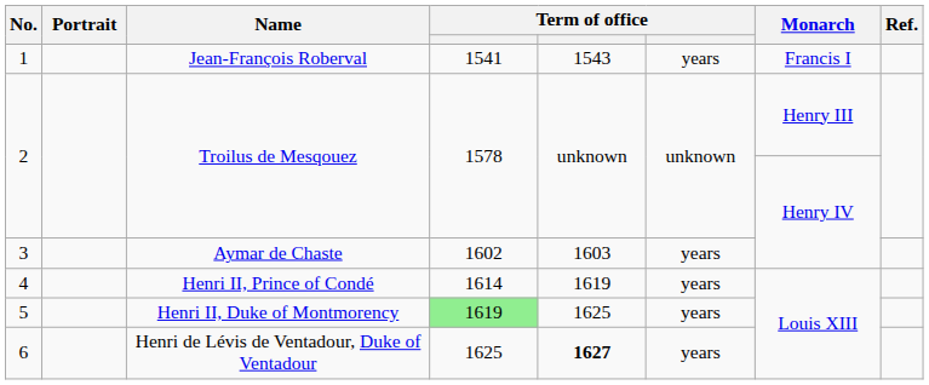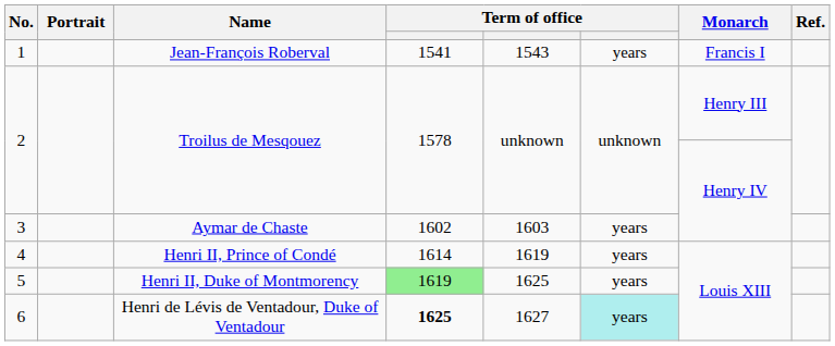 <table class="wikitable sortable sticky-header-multi" style="text-align:center; border:1px #aaf solid;">
 <tr>
 <th rowspan="2">No.</th>
 <th rowspan="2" width="65">Portrait</th>
 <th rowspan="2" width="250">Name<br></th>
 <th colspan="3">Term of office</th>
 <th rowspan="2" width="100"><a href='#'>Monarch</a><br></th>
 <th rowspan="2">Ref.</th>
 </tr>
 <tr>
 <th width="85"></th>
 <th width="85"></th>
 <th width="85"></th>
 </tr>
 <tr>
 <td>1</td>
 <td width="65"></td>
 <td><a href='#'>Jean-François Roberval</a><br></td>
 <td class="nowrap">1541</td>
 <td class="nowrap">1543</td>
 <td style="font-size:95%;"> years</td>
 <td><a href='#'>Francis I</a><br></td>
 <td></td>
 </tr>
 <tr style="height:70px;">
 <td rowspan="2">2</td>
 <td rowspan="2"></td>
 <td rowspan="2"><a href='#'>Troilus de Mesqouez</a><br></td>
 <td rowspan="2">1578</td>
 <td rowspan="2">unknown</td>
 <td rowspan="2">unknown</td>
 <td><a href='#'>Henry III</a><br></td>
 <td rowspan="2"></td>
 </tr>
 <tr style="height:70px;">
 <td rowspan="2"><a href='#'>Henry IV</a><br></td>
 </tr>
 <tr>
 <td>3</td>
 <td></td>
 <td><a href='#'>Aymar de Chaste</a><br></td>
 <td>1602</td>
 <td>1603</td>
 <td> years</td>
 <td></td>
 </tr>
 <tr>
 <td>4</td>
 <td></td>
 <td><a href='#'>Henri II, Prince of Condé</a><br></td>
 <td>1614</td>
 <td>1619</td>
 <td> years</td>
 <td rowspan="3"><a href='#'>Louis XIII</a><br></td>
 <td></td>
 </tr>
 <tr>
 <td>5</td>
 <td></td>
 <td><a href='#'>Henri II, Duke of Montmorency</a><br></td>
 <td style="background: lightgreen;">1619</td>
 <td>1625</td>
 <td> years</td>
 <td></td>
 </tr>
 <tr>
 <td>6</td>
 <td></td>
 <td>Henri de Lévis de Ventadour, <a href='#'>Duke of Ventadour</a><br></td>
-<td>1625</td>
-<td><strong>1627</strong></td>
-<td> years</td>
+<td><strong>1625</strong></td>
+<td>1627</td>
+<td style="background: paleturquoise;"> years</td>
 <td></td>
 </tr>
 </table>
